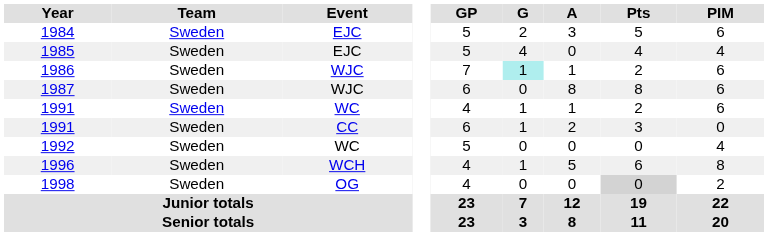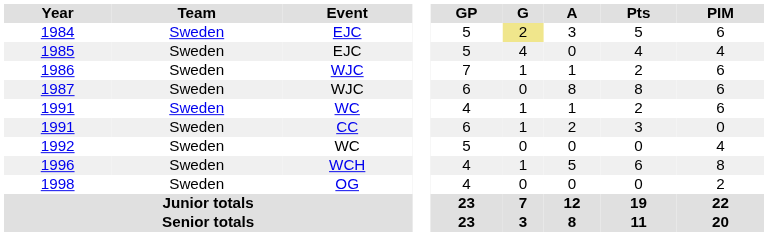 <table border="0" cellpadding="1" cellspacing="0" style="text-align:center; width:50em">
 <tr ALIGN="center" bgcolor="#e0e0e0">
 <th>Year</th>
 <th>Team</th>
 <th>Event</th>
 <th rowspan="99" bgcolor="#ffffff"> </th>
 <th>GP</th>
 <th>G</th>
 <th>A</th>
 <th>Pts</th>
 <th>PIM</th>
 </tr>
 <tr>
 <td><a href='#'>1984</a></td>
 <td><a href='#'>Sweden</a></td>
 <td><a href='#'>EJC</a></td>
 <td>5</td>
-<td>2</td>
+<td style="background: khaki;">2</td>
 <td>3</td>
 <td>5</td>
 <td>6</td>
 </tr>
 <tr bgcolor="#f0f0f0">
 <td><a href='#'>1985</a></td>
 <td>Sweden</td>
 <td>EJC</td>
 <td>5</td>
 <td>4</td>
 <td>0</td>
 <td>4</td>
 <td>4</td>
 </tr>
 <tr>
 <td><a href='#'>1986</a></td>
 <td>Sweden</td>
 <td><a href='#'>WJC</a></td>
 <td>7</td>
-<td style="background: paleturquoise;">1</td>
+<td>1</td>
 <td>1</td>
 <td>2</td>
 <td>6</td>
 </tr>
 <tr bgcolor="#f0f0f0">
 <td><a href='#'>1987</a></td>
 <td>Sweden</td>
 <td>WJC</td>
 <td>6</td>
 <td>0</td>
 <td>8</td>
 <td>8</td>
 <td>6</td>
 </tr>
 <tr>
 <td><a href='#'>1991</a></td>
 <td><a href='#'>Sweden</a></td>
 <td><a href='#'>WC</a></td>
 <td>4</td>
 <td>1</td>
 <td>1</td>
 <td>2</td>
 <td>6</td>
 </tr>
 <tr bgcolor="#f0f0f0">
 <td><a href='#'>1991</a></td>
 <td>Sweden</td>
 <td><a href='#'>CC</a></td>
 <td>6</td>
 <td>1</td>
 <td>2</td>
 <td>3</td>
 <td>0</td>
 </tr>
 <tr>
 <td><a href='#'>1992</a></td>
 <td>Sweden</td>
 <td>WC</td>
 <td>5</td>
 <td>0</td>
 <td>0</td>
 <td>0</td>
 <td>4</td>
 </tr>
 <tr bgcolor="#f0f0f0">
 <td><a href='#'>1996</a></td>
 <td>Sweden</td>
 <td><a href='#'>WCH</a></td>
 <td>4</td>
 <td>1</td>
 <td>5</td>
 <td>6</td>
 <td>8</td>
 </tr>
 <tr>
 <td><a href='#'>1998</a></td>
 <td>Sweden</td>
 <td><a href='#'>OG</a></td>
 <td>4</td>
 <td>0</td>
 <td>0</td>
-<td style="background: lightgrey;">0</td>
+<td>0</td>
 <td>2</td>
 </tr>
 <tr bgcolor="#e0e0e0">
 <th colspan=3>Junior totals</th>
 <th>23</th>
 <th>7</th>
 <th>12</th>
 <th>19</th>
 <th>22</th>
 </tr>
 <tr bgcolor="#e0e0e0">
 <th colspan=3>Senior totals</th>
 <th>23</th>
 <th>3</th>
 <th>8</th>
 <th>11</th>
 <th>20</th>
 </tr>
 </table>
